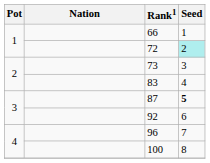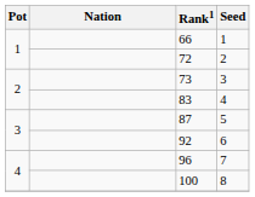 <table class="wikitable">
 <tr>
 <th>Pot</th>
 <th width="175">Nation</th>
 <th>Rank<sup>1</sup></th>
 <th>Seed</th>
 </tr>
 <tr>
 <td rowspan=2 style="text-align:center;">1</td>
 <td></td>
 <td>66</td>
 <td>1</td>
 </tr>
 <tr>
 <td></td>
 <td>72</td>
-<td style="background: paleturquoise;">2</td>
+<td>2</td>
 </tr>
 <tr>
 <td rowspan=2 style="text-align:center;">2</td>
 <td></td>
 <td>73</td>
 <td>3</td>
 </tr>
 <tr>
 <td></td>
 <td>83</td>
 <td>4</td>
 </tr>
 <tr>
 <td rowspan=2 style="text-align:center;">3</td>
 <td></td>
 <td>87</td>
-<td><strong>5</strong></td>
+<td>5</td>
 </tr>
 <tr>
 <td></td>
 <td>92</td>
 <td>6</td>
 </tr>
 <tr>
 <td rowspan=2 style="text-align:center;">4</td>
 <td></td>
 <td>96</td>
 <td>7</td>
 </tr>
 <tr>
 <td></td>
 <td>100</td>
 <td>8</td>
 </tr>
 <tr>
 </tr>
 </table>
